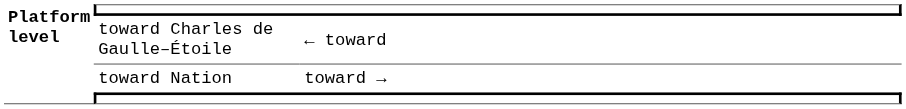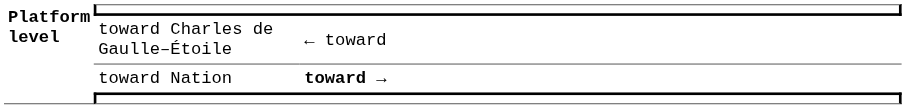 <table border=0 cellspacing=0 cellpadding=3>
 <tr>
 <td style="border-bottom:solid 1px gray;" width=50 rowspan=10 valign=top><strong>Platform level</strong></td>
 <td style="border-top:solid 1px gray;border-right:solid 2px black;border-left:solid 2px black;border-bottom:solid 2px black;text-align:center;" colspan=2></td>
 </tr>
 <tr>
 <td style="border-bottom:solid 1px gray;" width=150>toward Charles de Gaulle–Étoile</td>
 <td style="border-bottom:solid 1px gray;" width=450>←   toward  </td>
 </tr>
 <tr>
 <td>toward Nation</td>
-<td>   toward   →</td>
+<td><strong>   toward   →</strong></td>
 </tr>
 <tr>
 <td style="border-top:solid 2px black;border-right:solid 2px black;border-left:solid 2px black;border-bottom:solid 1px gray;text-align:center;" colspan=2></td>
 </tr>
 </table>
